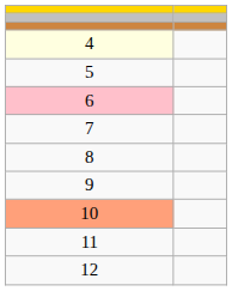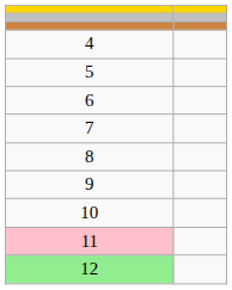 <table class="wikitable" style="width:200px;">
 <tr style="background:gold;">
 <td align=center></td>
 <td></td>
 </tr>
 <tr style="background:silver;">
 <td align=center></td>
 <td></td>
 </tr>
 <tr style="background:peru;">
 <td align=center></td>
 <td></td>
 </tr>
 <tr>
-<td align=center style="background: lightyellow;">4</td>
+<td align=center>4</td>
 <td></td>
 </tr>
 <tr>
 <td align=center>5</td>
 <td></td>
 </tr>
 <tr>
-<td align=center style="background: pink;">6</td>
+<td align=center>6</td>
 <td></td>
 </tr>
 <tr>
 <td align=center>7</td>
 <td></td>
 </tr>
 <tr>
 <td align=center>8</td>
 <td></td>
 </tr>
 <tr>
 <td align=center>9</td>
 <td></td>
 </tr>
 <tr>
-<td align=center style="background: lightsalmon;">10</td>
+<td align=center>10</td>
 <td></td>
 </tr>
 <tr>
-<td align=center>11</td>
+<td align=center style="background: pink;">11</td>
 <td></td>
 </tr>
 <tr>
-<td align=center>12</td>
+<td align=center style="background: lightgreen;">12</td>
 <td></td>
 </tr>
 </table>
